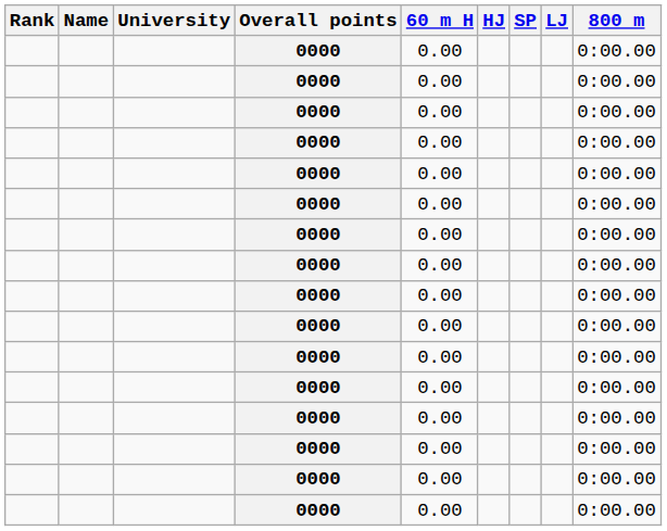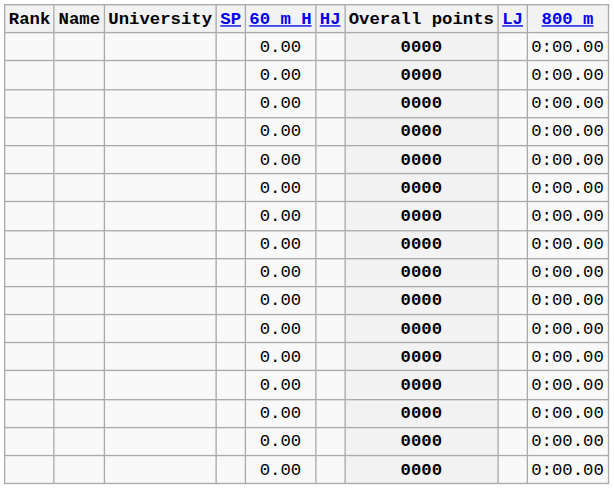 <table class="wikitable sortable" style="text-align:center">
 <tr>
 <th>Rank</th>
 <th>Name</th>
 <th>University</th>
-<th>Overall points</th>
+<th><a href='#'>SP</a></th>
 <th><a href='#'>60 m H</a></th>
 <th><a href='#'>HJ</a></th>
-<th><a href='#'>SP</a></th>
+<th>Overall points</th>
 <th><a href='#'>LJ</a></th>
 <th><a href='#'>800 m</a></th>
 </tr>
 <tr>
 <td></td>
 <td></td>
 <td></td>
-<th>0000</th>
+<td></td>
 <td>0.00</td>
 <td></td>
-<td></td>
+<th>0000</th>
 <td></td>
 <td>0:00.00</td>
 </tr>
 <tr>
 <td></td>
 <td></td>
 <td></td>
-<th>0000</th>
+<td></td>
 <td>0.00</td>
 <td></td>
-<td></td>
+<th>0000</th>
 <td></td>
 <td>0:00.00</td>
 </tr>
 <tr>
 <td></td>
 <td></td>
 <td></td>
-<th>0000</th>
+<td></td>
 <td>0.00</td>
 <td></td>
-<td></td>
+<th>0000</th>
 <td></td>
 <td>0:00.00</td>
 </tr>
 <tr>
 <td></td>
 <td></td>
 <td></td>
-<th>0000</th>
+<td></td>
 <td>0.00</td>
 <td></td>
-<td></td>
+<th>0000</th>
 <td></td>
 <td>0:00.00</td>
 </tr>
 <tr>
 <td></td>
 <td></td>
 <td></td>
-<th>0000</th>
+<td></td>
 <td>0.00</td>
 <td></td>
-<td></td>
+<th>0000</th>
 <td></td>
 <td>0:00.00</td>
 </tr>
 <tr>
 <td></td>
 <td></td>
 <td></td>
-<th>0000</th>
+<td></td>
 <td>0.00</td>
 <td></td>
-<td></td>
+<th>0000</th>
 <td></td>
 <td>0:00.00</td>
 </tr>
 <tr>
 <td></td>
 <td></td>
 <td></td>
-<th>0000</th>
+<td></td>
 <td>0.00</td>
 <td></td>
-<td></td>
+<th>0000</th>
 <td></td>
 <td>0:00.00</td>
 </tr>
 <tr>
 <td></td>
 <td></td>
 <td></td>
-<th>0000</th>
+<td></td>
 <td>0.00</td>
 <td></td>
-<td></td>
+<th>0000</th>
 <td></td>
 <td>0:00.00</td>
 </tr>
 <tr>
 <td></td>
 <td></td>
 <td></td>
-<th>0000</th>
+<td></td>
 <td>0.00</td>
 <td></td>
-<td></td>
+<th>0000</th>
 <td></td>
 <td>0:00.00</td>
 </tr>
 <tr>
 <td></td>
 <td></td>
 <td></td>
-<th>0000</th>
+<td></td>
 <td>0.00</td>
 <td></td>
-<td></td>
+<th>0000</th>
 <td></td>
 <td>0:00.00</td>
 </tr>
 <tr>
 <td></td>
 <td></td>
 <td></td>
-<th>0000</th>
+<td></td>
 <td>0.00</td>
 <td></td>
-<td></td>
+<th>0000</th>
 <td></td>
 <td>0:00.00</td>
 </tr>
 <tr>
 <td></td>
 <td></td>
 <td></td>
-<th>0000</th>
+<td></td>
 <td>0.00</td>
 <td></td>
-<td></td>
+<th>0000</th>
 <td></td>
 <td>0:00.00</td>
 </tr>
 <tr>
 <td></td>
 <td></td>
 <td></td>
-<th>0000</th>
+<td></td>
 <td>0.00</td>
 <td></td>
-<td></td>
+<th>0000</th>
 <td></td>
 <td>0:00.00</td>
 </tr>
 <tr>
 <td></td>
 <td></td>
 <td></td>
-<th>0000</th>
+<td></td>
 <td>0.00</td>
 <td></td>
-<td></td>
+<th>0000</th>
 <td></td>
 <td>0:00.00</td>
 </tr>
 <tr>
 <td></td>
 <td></td>
 <td></td>
-<th>0000</th>
+<td></td>
 <td>0.00</td>
 <td></td>
-<td></td>
+<th>0000</th>
 <td></td>
 <td>0:00.00</td>
 </tr>
 <tr>
 <td></td>
 <td></td>
 <td></td>
-<th>0000</th>
+<td></td>
 <td>0.00</td>
 <td></td>
-<td></td>
+<th>0000</th>
 <td></td>
 <td>0:00.00</td>
 </tr>
 </table>
